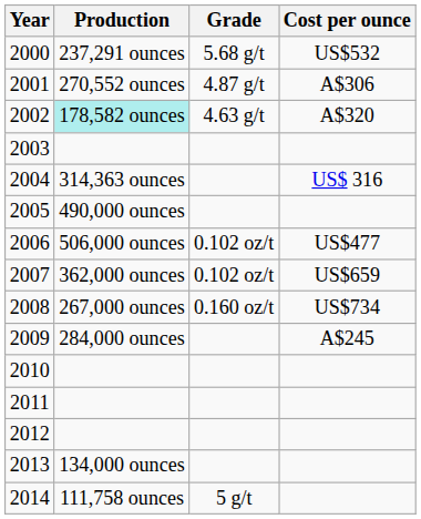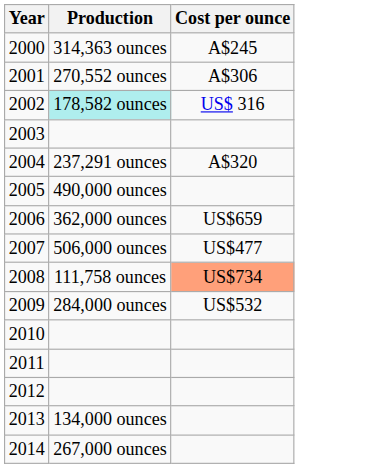 <table class="wikitable">
 <tr style="text-align:center;">
 <th>Year</th>
 <th>Production</th>
-<th>Grade</th>
 <th>Cost per ounce</th>
 </tr>
 <tr style="text-align:center;">
 <td>2000</td>
-<td>237,291 ounces</td>
-<td>5.68 g/t</td>
-<td>US$532</td>
+<td>314,363 ounces</td>
+<td>A$245</td>
 </tr>
 <tr style="text-align:center;">
 <td>2001</td>
 <td>270,552 ounces</td>
-<td>4.87 g/t</td>
 <td>A$306</td>
 </tr>
 <tr style="text-align:center;">
 <td>2002 </td>
 <td style="background: paleturquoise;">178,582 ounces</td>
-<td>4.63 g/t</td>
-<td>A$320</td>
+<td><a href='#'>US$</a> 316</td>
 </tr>
 <tr style="text-align:center;">
 <td>2003</td>
 <td></td>
 <td></td>
-<td></td>
 </tr>
 <tr style="text-align:center;">
 <td>2004</td>
-<td>314,363 ounces</td>
-<td></td>
-<td><a href='#'>US$</a> 316</td>
+<td>237,291 ounces</td>
+<td>A$320</td>
 </tr>
 <tr style="text-align:center;">
 <td>2005</td>
 <td>490,000 ounces</td>
 <td></td>
-<td></td>
 </tr>
 <tr style="text-align:center;">
 <td>2006</td>
+<td>362,000 ounces</td>
+<td>US$659</td>
+</tr>
+<tr style="text-align:center;">
+<td>2007</td>
 <td>506,000 ounces</td>
-<td>0.102 oz/t</td>
 <td>US$477</td>
 </tr>
 <tr style="text-align:center;">
-<td>2007</td>
-<td>362,000 ounces</td>
-<td>0.102 oz/t</td>
-<td>US$659</td>
-</tr>
-<tr style="text-align:center;">
 <td>2008</td>
-<td>267,000 ounces</td>
-<td>0.160 oz/t</td>
-<td>US$734</td>
+<td>111,758 ounces</td>
+<td style="background: lightsalmon;">US$734</td>
 </tr>
 <tr style="text-align:center;">
 <td>2009</td>
 <td>284,000 ounces</td>
-<td></td>
-<td>A$245</td>
+<td>US$532</td>
 </tr>
 <tr style="text-align:center;">
 <td>2010</td>
-<td></td>
 <td></td>
 <td></td>
 </tr>
 <tr style="text-align:center;">
 <td>2011</td>
 <td></td>
 <td></td>
-<td></td>
 </tr>
 <tr style="text-align:center;">
 <td>2012</td>
-<td></td>
 <td></td>
 <td></td>
 </tr>
 <tr style="text-align:center;">
 <td>2013</td>
 <td>134,000 ounces</td>
 <td></td>
-<td></td>
 </tr>
 <tr style="text-align:center;">
 <td>2014</td>
-<td>111,758 ounces</td>
-<td>5 g/t</td>
+<td>267,000 ounces</td>
 <td></td>
 </tr>
 </table>
